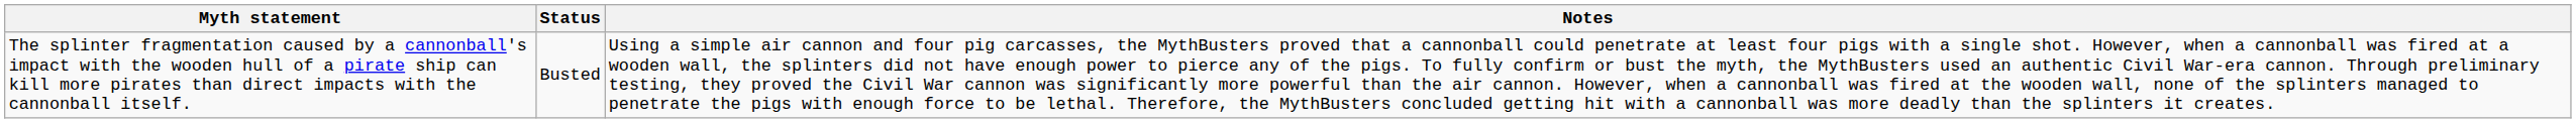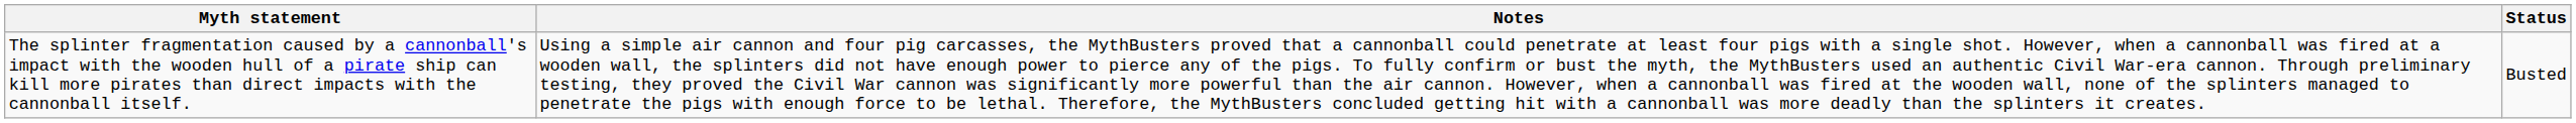 <table class="wikitable plainrowheaders">
 <tr>
 <th>Myth statement</th>
+<th>Notes</th>
 <th>Status</th>
-<th>Notes</th>
 </tr>
 <tr>
 <td>The splinter fragmentation caused by a <a href='#'>cannonball</a>'s impact with the wooden hull of a <a href='#'>pirate</a> ship can kill more pirates than direct impacts with the cannonball itself.</td>
+<td>Using a simple air cannon and four pig carcasses, the MythBusters proved that a cannonball could penetrate at least four pigs with a single shot. However, when a cannonball was fired at a wooden wall, the splinters did not have enough power to pierce any of the pigs. To fully confirm or bust the myth, the MythBusters used an authentic Civil War-era cannon. Through preliminary testing, they proved the Civil War cannon was significantly more powerful than the air cannon. However, when a cannonball was fired at the wooden wall, none of the splinters managed to penetrate the pigs with enough force to be lethal. Therefore, the MythBusters concluded getting hit with a cannonball was more deadly than the splinters it creates.</td>
 <td><span> Busted</span></td>
-<td>Using a simple air cannon and four pig carcasses, the MythBusters proved that a cannonball could penetrate at least four pigs with a single shot. However, when a cannonball was fired at a wooden wall, the splinters did not have enough power to pierce any of the pigs. To fully confirm or bust the myth, the MythBusters used an authentic Civil War-era cannon. Through preliminary testing, they proved the Civil War cannon was significantly more powerful than the air cannon. However, when a cannonball was fired at the wooden wall, none of the splinters managed to penetrate the pigs with enough force to be lethal. Therefore, the MythBusters concluded getting hit with a cannonball was more deadly than the splinters it creates.</td>
 </tr>
 </table>
